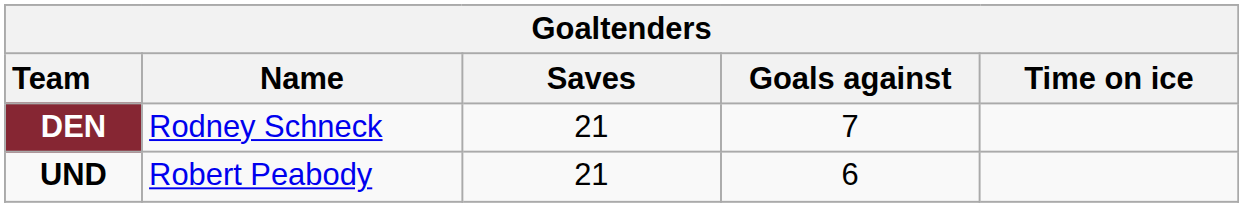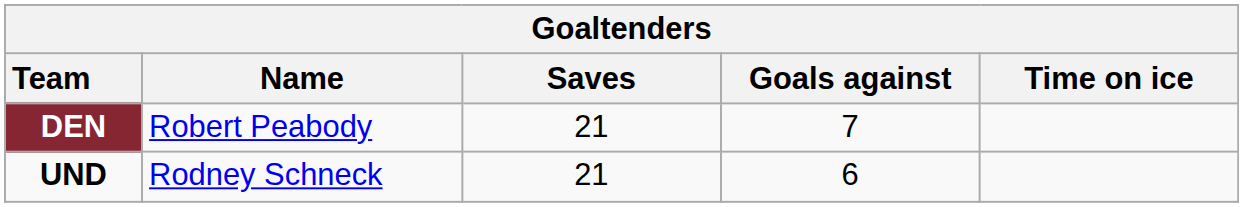 <table class="wikitable" style="width:40em; text-align:right;">
 <tr>
 <th colspan=5>Goaltenders</th>
 </tr>
 <tr>
 <th style="width:4em; text-align:left;">Team</th>
 <th style="width:10em;">Name</th>
 <th style="width:8em;">Saves</th>
 <th style="width:8em;">Goals against</th>
 <th style="width:8em;">Time on ice</th>
 </tr>
 <tr>
 <td align=center style="color:white; background:#862633; "><strong>DEN</strong></td>
-<td style="text-align:left;"><a href='#'>Rodney Schneck</a></td>
+<td style="text-align:left;"><a href='#'>Robert Peabody</a></td>
 <td align=center>21</td>
 <td align=center>7</td>
 <td align=center></td>
 </tr>
 <tr>
 <td align=center><strong>UND</strong></td>
-<td style="text-align:left;"><a href='#'>Robert Peabody</a></td>
+<td style="text-align:left;"><a href='#'>Rodney Schneck</a></td>
 <td align=center>21</td>
 <td align=center>6</td>
 <td align=center></td>
 </tr>
 </table>
